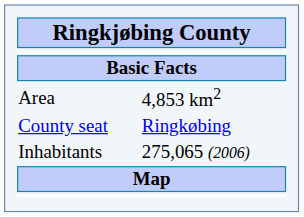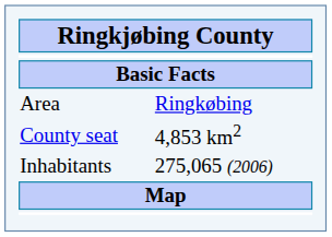 <table colspan="4" width=250 style="border: 1px solid #6688AA; background-color:#f0f6fa; margin:0.5em; padding:0.5em; float:right" valign="top" |>
 <tr>
 <td style="border: 1px solid #1188AA; background-color:#c0ccfa" align="center" colspan="2"><big><strong>Ringkjøbing County</strong></big><br></td>
 </tr>
 <tr>
 <td bgcolor=#FFFFFF align="center" colspan="2"></td>
 </tr>
 <tr>
 <td style="border: 1px solid #1188AA; background-color:#c0ccfa" align="center" colspan="2"><strong>Basic Facts</strong></td>
 </tr>
 <tr>
 <td>Area</td>
-<td>4,853 km<sup>2</sup></td>
+<td><a href='#'>Ringkøbing</a></td>
 </tr>
 <tr>
 <td><a href='#'>County seat</a></td>
-<td><a href='#'>Ringkøbing</a></td>
+<td>4,853 km<sup>2</sup></td>
 </tr>
 <tr>
 <td>Inhabitants</td>
 <td>275,065 <small><em>(2006)</em></small></td>
 </tr>
 <tr>
 <td style="border: 1px solid #1188AA; background-color:#c0ccfa" align="center" colspan="2"><strong>Map</strong></td>
 </tr>
 <tr>
 <td bgcolor=#FFFFFF align="center" colspan="2"></td>
 </tr>
 <tr>
 </tr>
 </table>
